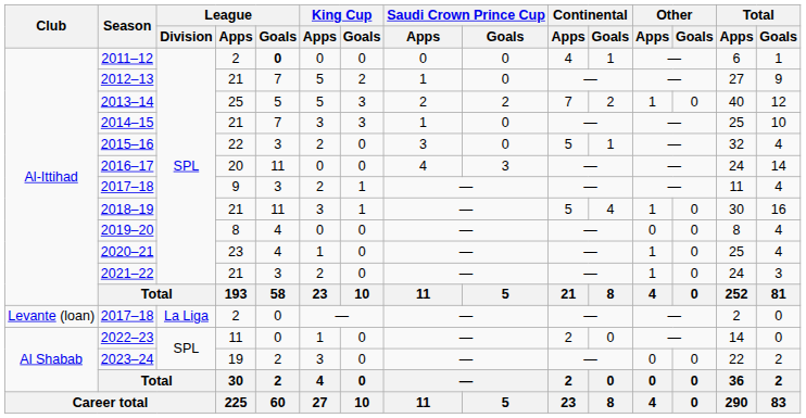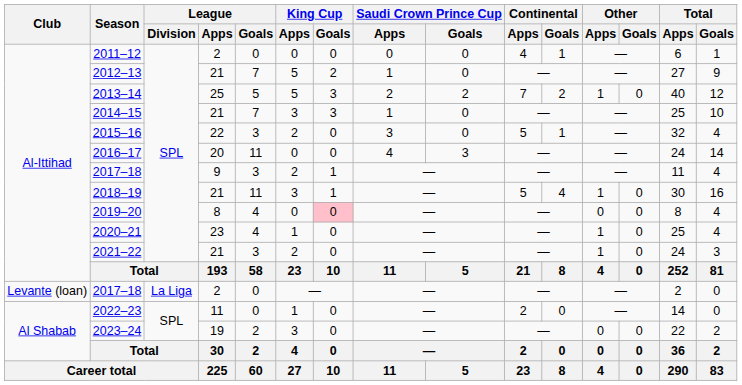 <table class="wikitable" style="text-align: center">
 <tr>
 <th rowspan=2>Club</th>
 <th rowspan=2>Season</th>
 <th colspan=3>League</th>
 <th colspan=2><a href='#'>King Cup</a></th>
 <th colspan=2><a href='#'>Saudi Crown Prince Cup</a></th>
 <th colspan=2>Continental</th>
 <th colspan=2>Other</th>
 <th colspan=2>Total</th>
 </tr>
 <tr>
 <th>Division</th>
 <th>Apps</th>
 <th>Goals</th>
 <th>Apps</th>
 <th>Goals</th>
 <th>Apps</th>
 <th>Goals</th>
 <th>Apps</th>
 <th>Goals</th>
 <th>Apps</th>
 <th>Goals</th>
 <th>Apps</th>
 <th>Goals</th>
 </tr>
 <tr>
 <td rowspan="12"><a href='#'>Al-Ittihad</a></td>
 <td><a href='#'>2011–12</a></td>
 <td rowspan="11"><a href='#'>SPL</a></td>
 <td>2</td>
-<td><strong>0</strong></td>
+<td>0</td>
 <td>0</td>
 <td>0</td>
 <td>0</td>
 <td>0</td>
 <td>4</td>
 <td>1</td>
 <td colspan=2>—</td>
 <td>6</td>
 <td>1</td>
 </tr>
 <tr>
 <td><a href='#'>2012–13</a></td>
 <td>21</td>
 <td>7</td>
 <td>5</td>
 <td>2</td>
 <td>1</td>
 <td>0</td>
 <td colspan=2>—</td>
 <td colspan=2>—</td>
 <td>27</td>
 <td>9</td>
 </tr>
 <tr>
 <td><a href='#'>2013–14</a></td>
 <td>25</td>
 <td>5</td>
 <td>5</td>
 <td>3</td>
 <td>2</td>
 <td>2</td>
 <td>7</td>
 <td>2</td>
 <td>1</td>
 <td>0</td>
 <td>40</td>
 <td>12</td>
 </tr>
 <tr>
 <td><a href='#'>2014–15</a></td>
 <td>21</td>
 <td>7</td>
 <td>3</td>
 <td>3</td>
 <td>1</td>
 <td>0</td>
 <td colspan=2>—</td>
 <td colspan=2>—</td>
 <td>25</td>
 <td>10</td>
 </tr>
 <tr>
 <td><a href='#'>2015–16</a></td>
 <td>22</td>
 <td>3</td>
 <td>2</td>
 <td>0</td>
 <td>3</td>
 <td>0</td>
 <td>5</td>
 <td>1</td>
 <td colspan=2>—</td>
 <td>32</td>
 <td>4</td>
 </tr>
 <tr>
 <td><a href='#'>2016–17</a></td>
 <td>20</td>
 <td>11</td>
 <td>0</td>
 <td>0</td>
 <td>4</td>
 <td>3</td>
 <td colspan=2>—</td>
 <td colspan=2>—</td>
 <td>24</td>
 <td>14</td>
 </tr>
 <tr>
 <td><a href='#'>2017–18</a></td>
 <td>9</td>
 <td>3</td>
 <td>2</td>
 <td>1</td>
 <td colspan=2>—</td>
 <td colspan=2>—</td>
 <td colspan=2>—</td>
 <td>11</td>
 <td>4</td>
 </tr>
 <tr>
 <td><a href='#'>2018–19</a></td>
 <td>21</td>
 <td>11</td>
 <td>3</td>
 <td>1</td>
 <td colspan=2>—</td>
 <td>5</td>
 <td>4</td>
 <td>1</td>
 <td>0</td>
 <td>30</td>
 <td>16</td>
 </tr>
 <tr>
 <td><a href='#'>2019–20</a></td>
 <td>8</td>
 <td>4</td>
 <td>0</td>
-<td>0</td>
+<td style="background: pink;">0</td>
 <td colspan=2>—</td>
 <td colspan=2>—</td>
 <td>0</td>
 <td>0</td>
 <td>8</td>
 <td>4</td>
 </tr>
 <tr>
 <td><a href='#'>2020–21</a></td>
 <td>23</td>
 <td>4</td>
 <td>1</td>
 <td>0</td>
 <td colspan=2>—</td>
 <td colspan=2>—</td>
 <td>1</td>
 <td>0</td>
 <td>25</td>
 <td>4</td>
 </tr>
 <tr>
 <td><a href='#'>2021–22</a></td>
 <td>21</td>
 <td>3</td>
 <td>2</td>
 <td>0</td>
 <td colspan=2>—</td>
 <td colspan=2>—</td>
 <td>1</td>
 <td>0</td>
 <td>24</td>
 <td>3</td>
 </tr>
 <tr>
 <th colspan="2">Total</th>
 <th>193</th>
 <th>58</th>
 <th>23</th>
 <th>10</th>
 <th>11</th>
 <th>5</th>
 <th>21</th>
 <th>8</th>
 <th>4</th>
 <th>0</th>
 <th>252</th>
 <th>81</th>
 </tr>
 <tr>
 <td><a href='#'>Levante</a> (loan)</td>
 <td><a href='#'>2017–18</a></td>
 <td><a href='#'>La Liga</a></td>
 <td>2</td>
 <td>0</td>
 <td colspan=2>—</td>
 <td colspan=2>—</td>
 <td colspan=2>—</td>
 <td colspan=2>—</td>
 <td>2</td>
 <td>0</td>
 </tr>
 <tr>
 <td rowspan="3"><a href='#'>Al Shabab</a></td>
 <td><a href='#'>2022–23</a></td>
 <td rowspan="2">SPL</td>
 <td>11</td>
 <td>0</td>
 <td>1</td>
 <td>0</td>
 <td colspan=2>—</td>
 <td>2</td>
 <td>0</td>
 <td colspan=2>—</td>
 <td>14</td>
 <td>0</td>
 </tr>
 <tr>
 <td><a href='#'>2023–24</a></td>
 <td>19</td>
 <td>2</td>
 <td>3</td>
 <td>0</td>
 <td colspan=2>—</td>
 <td colspan=2>—</td>
 <td>0</td>
 <td>0</td>
 <td>22</td>
 <td>2</td>
 </tr>
 <tr>
 <th colspan="2">Total</th>
 <th>30</th>
 <th>2</th>
 <th>4</th>
 <th>0</th>
 <th colspan=2>—</th>
 <th>2</th>
 <th>0</th>
 <th>0</th>
 <th>0</th>
 <th>36</th>
 <th>2</th>
 </tr>
 <tr>
 <th colspan="3">Career total</th>
 <th>225</th>
 <th>60</th>
 <th>27</th>
 <th>10</th>
 <th>11</th>
 <th>5</th>
 <th>23</th>
 <th>8</th>
 <th>4</th>
 <th>0</th>
 <th>290</th>
 <th>83</th>
 </tr>
 </table>
